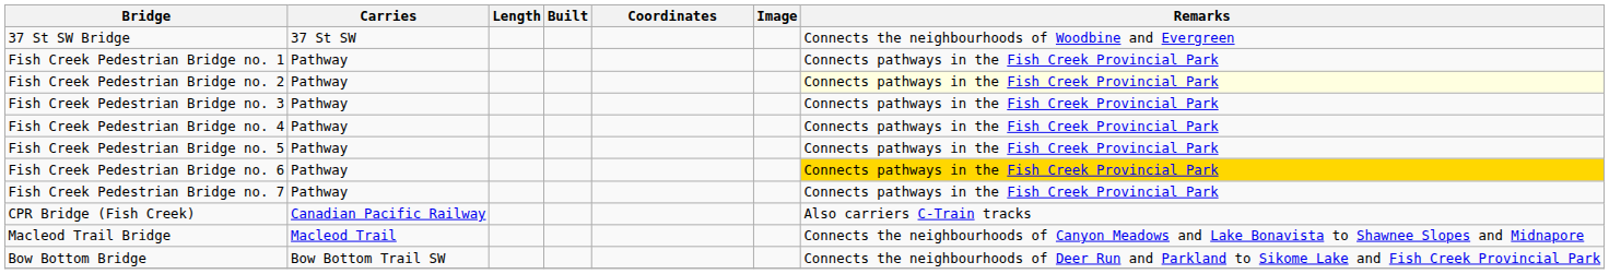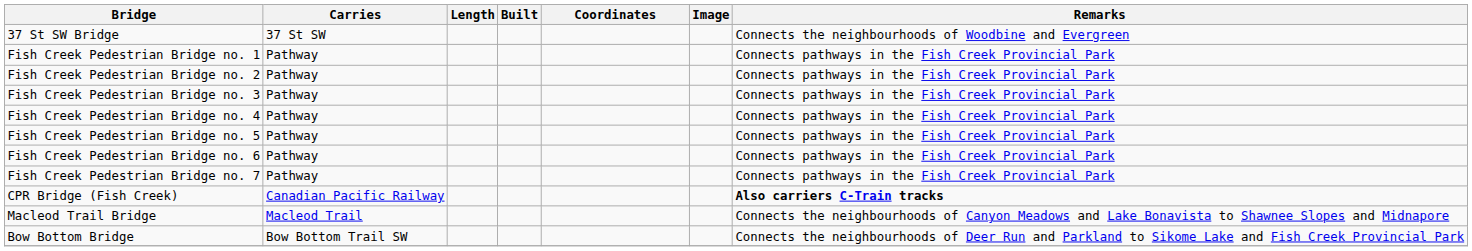 <table class="wikitable sortable">
 <tr>
 <th>Bridge</th>
 <th>Carries</th>
 <th>Length</th>
 <th>Built</th>
 <th width=150px>Coordinates</th>
 <th>Image</th>
 <th>Remarks</th>
 </tr>
 <tr>
 <td>37 St SW Bridge</td>
 <td>37 St SW</td>
 <td></td>
 <td></td>
 <td><small></small></td>
 <td></td>
 <td>Connects the neighbourhoods of <a href='#'>Woodbine</a> and <a href='#'>Evergreen</a></td>
 </tr>
 <tr>
 <td>Fish Creek Pedestrian Bridge no. 1</td>
 <td>Pathway</td>
 <td></td>
 <td></td>
 <td><small></small></td>
 <td></td>
 <td>Connects pathways in the <a href='#'>Fish Creek Provincial Park</a></td>
 </tr>
 <tr>
 <td>Fish Creek Pedestrian Bridge no. 2</td>
 <td>Pathway</td>
 <td></td>
 <td></td>
 <td><small></small></td>
 <td></td>
-<td style="background: lightyellow;">Connects pathways in the <a href='#'>Fish Creek Provincial Park</a></td>
+<td>Connects pathways in the <a href='#'>Fish Creek Provincial Park</a></td>
 </tr>
 <tr>
 <td>Fish Creek Pedestrian Bridge no. 3</td>
 <td>Pathway</td>
 <td></td>
 <td></td>
 <td><small></small></td>
 <td></td>
 <td>Connects pathways in the <a href='#'>Fish Creek Provincial Park</a></td>
 </tr>
 <tr>
 <td>Fish Creek Pedestrian Bridge no. 4</td>
 <td>Pathway</td>
 <td></td>
 <td></td>
 <td><small></small></td>
 <td></td>
 <td>Connects pathways in the <a href='#'>Fish Creek Provincial Park</a></td>
 </tr>
 <tr>
 <td>Fish Creek Pedestrian Bridge no. 5</td>
 <td>Pathway</td>
 <td></td>
 <td></td>
 <td><small></small></td>
 <td></td>
 <td>Connects pathways in the <a href='#'>Fish Creek Provincial Park</a></td>
 </tr>
 <tr>
 <td>Fish Creek Pedestrian Bridge no. 6</td>
 <td>Pathway</td>
 <td></td>
 <td></td>
 <td><small></small></td>
 <td></td>
-<td style="background: gold;">Connects pathways in the <a href='#'>Fish Creek Provincial Park</a></td>
+<td>Connects pathways in the <a href='#'>Fish Creek Provincial Park</a></td>
 </tr>
 <tr>
 <td>Fish Creek Pedestrian Bridge no. 7</td>
 <td>Pathway</td>
 <td></td>
 <td></td>
 <td><small></small></td>
 <td></td>
 <td>Connects pathways in the <a href='#'>Fish Creek Provincial Park</a></td>
 </tr>
 <tr>
 <td>CPR Bridge (Fish Creek)</td>
 <td><a href='#'>Canadian Pacific Railway</a></td>
 <td></td>
 <td></td>
 <td><small></small></td>
 <td></td>
-<td>Also carriers <a href='#'>C-Train</a> tracks</td>
+<td><strong>Also carriers <a href='#'>C-Train</a> tracks</strong></td>
 </tr>
 <tr>
 <td>Macleod Trail Bridge</td>
 <td><a href='#'>Macleod Trail</a></td>
 <td></td>
 <td></td>
 <td><small></small></td>
 <td></td>
 <td>Connects the neighbourhoods of <a href='#'>Canyon Meadows</a> and <a href='#'>Lake Bonavista</a> to <a href='#'>Shawnee Slopes</a> and <a href='#'>Midnapore</a></td>
 </tr>
 <tr>
 <td>Bow Bottom Bridge</td>
 <td>Bow Bottom Trail SW</td>
 <td></td>
 <td></td>
 <td><small></small></td>
 <td></td>
 <td>Connects the neighbourhoods of <a href='#'>Deer Run</a> and <a href='#'>Parkland</a> to <a href='#'>Sikome Lake</a> and <a href='#'>Fish Creek Provincial Park</a></td>
 </tr>
 <tr>
 </tr>
 </table>
